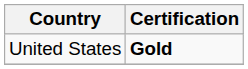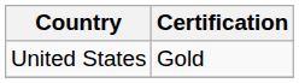 <table class="wikitable">
 <tr>
 <th>Country</th>
 <th>Certification</th>
 </tr>
 <tr>
 <td>United States</td>
-<td><strong>Gold</strong></td>
+<td>Gold</td>
 </tr>
 <tr>
 </tr>
 </table>
